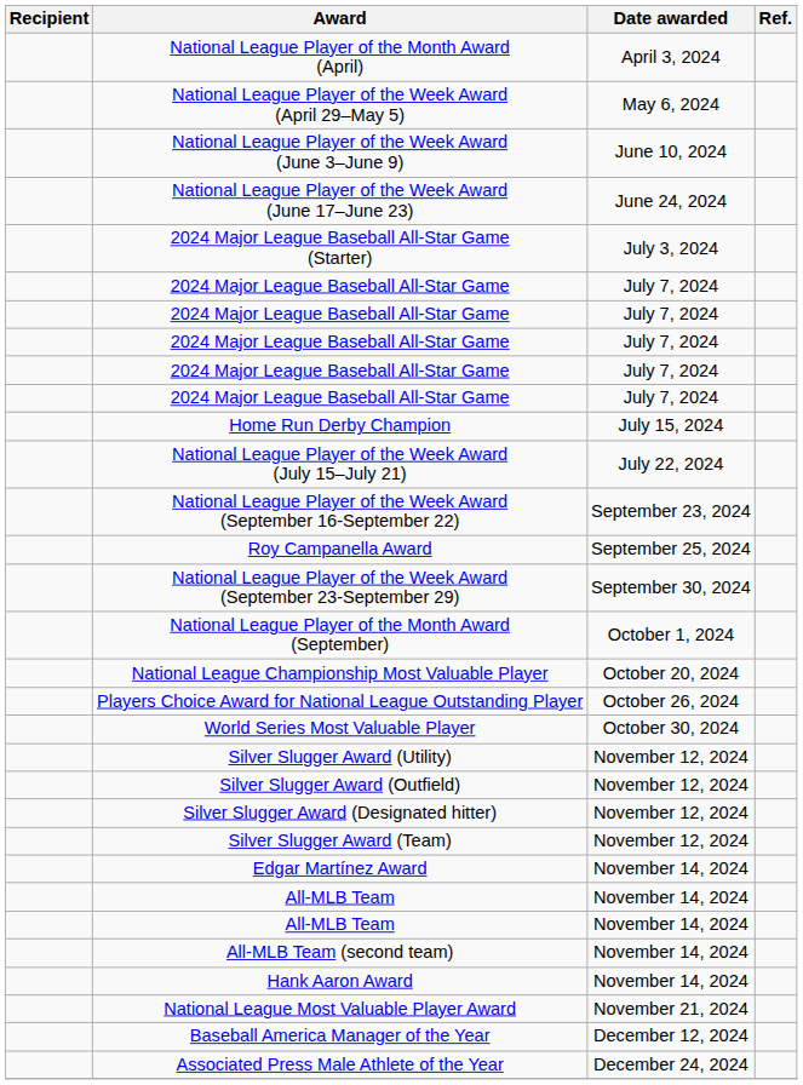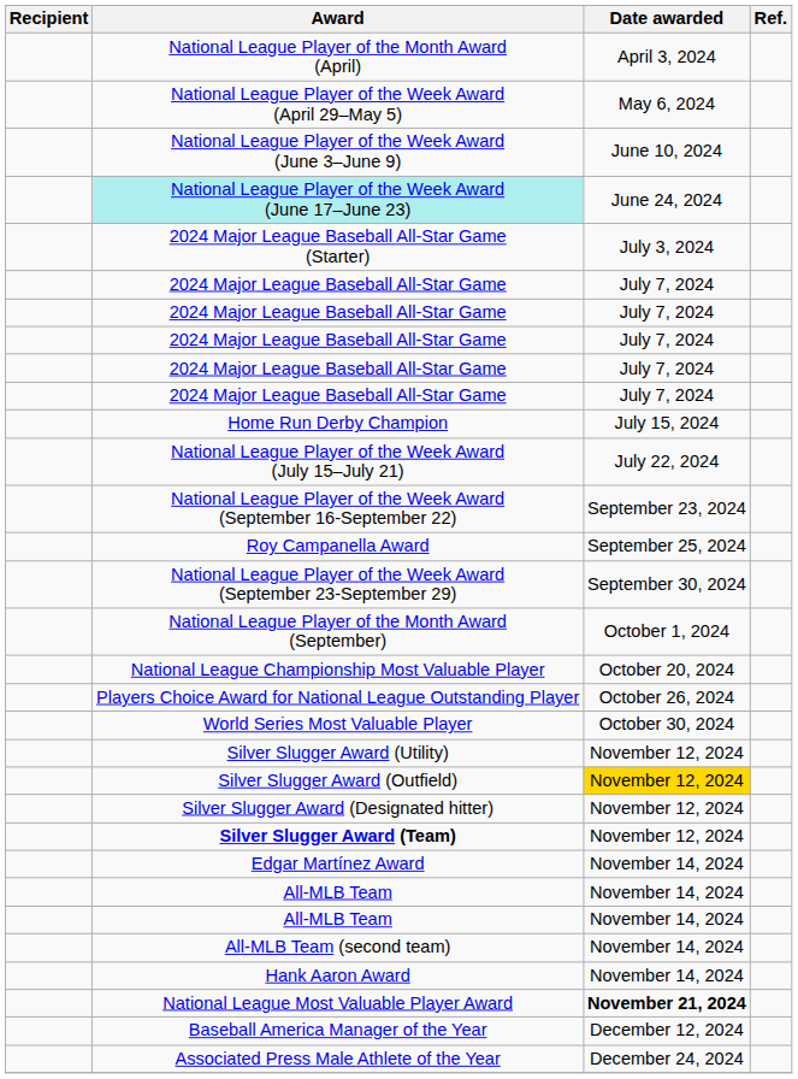 <table class="wikitable sortable collapsible" style="text-align:center">
 <tr>
 <th>Recipient</th>
 <th>Award</th>
 <th>Date awarded</th>
 <th>Ref.</th>
 </tr>
 <tr>
 <td></td>
 <td><a href='#'>National League Player of the Month Award</a>  <br> (April)</td>
 <td>April 3, 2024</td>
 <td></td>
 </tr>
 <tr>
 <td></td>
 <td><a href='#'>National League Player of the Week Award</a>  <br> (April 29–May 5)</td>
 <td>May 6, 2024</td>
 <td></td>
 </tr>
 <tr>
 <td></td>
 <td><a href='#'>National League Player of the Week Award</a>  <br> (June 3–June 9)</td>
 <td>June 10, 2024</td>
 <td></td>
 </tr>
 <tr>
 <td></td>
-<td><a href='#'>National League Player of the Week Award</a>  <br> (June 17–June 23)</td>
+<td style="background: paleturquoise;"><a href='#'>National League Player of the Week Award</a>  <br> (June 17–June 23)</td>
 <td>June 24, 2024</td>
 <td></td>
 </tr>
 <tr>
 <td></td>
 <td><a href='#'>2024 Major League Baseball All-Star Game</a>  <br> (Starter)</td>
 <td>July 3, 2024</td>
 <td></td>
 </tr>
 <tr>
 <td></td>
 <td><a href='#'>2024 Major League Baseball All-Star Game</a></td>
 <td>July 7, 2024</td>
 <td></td>
 </tr>
 <tr>
 <td></td>
 <td><a href='#'>2024 Major League Baseball All-Star Game</a></td>
 <td>July 7, 2024</td>
 <td></td>
 </tr>
 <tr>
 <td></td>
 <td><a href='#'>2024 Major League Baseball All-Star Game</a></td>
 <td>July 7, 2024</td>
 <td></td>
 </tr>
 <tr>
 <td></td>
 <td><a href='#'>2024 Major League Baseball All-Star Game</a></td>
 <td>July 7, 2024</td>
 <td></td>
 </tr>
 <tr>
 <td></td>
 <td><a href='#'>2024 Major League Baseball All-Star Game</a></td>
 <td>July 7, 2024</td>
 <td></td>
 </tr>
 <tr>
 <td></td>
 <td><a href='#'>Home Run Derby Champion</a></td>
 <td>July 15, 2024</td>
 <td></td>
 </tr>
 <tr>
 <td></td>
 <td><a href='#'>National League Player of the Week Award</a>  <br> (July 15–July 21)</td>
 <td>July 22, 2024</td>
 <td></td>
 </tr>
 <tr>
 <td></td>
 <td><a href='#'>National League Player of the Week Award</a>  <br> (September 16-September 22)</td>
 <td>September 23, 2024</td>
 <td></td>
 </tr>
 <tr>
 <td></td>
 <td><a href='#'>Roy Campanella Award</a></td>
 <td>September 25, 2024</td>
 <td></td>
 </tr>
 <tr>
 <td></td>
 <td><a href='#'>National League Player of the Week Award</a>  <br> (September 23-September 29)</td>
 <td>September 30, 2024</td>
 <td></td>
 </tr>
 <tr>
 <td></td>
 <td><a href='#'>National League Player of the Month Award</a>  <br> (September)</td>
 <td>October 1, 2024</td>
 <td></td>
 </tr>
 <tr>
 <td></td>
 <td><a href='#'>National League Championship Most Valuable Player</a></td>
 <td>October 20, 2024</td>
 <td></td>
 </tr>
 <tr>
 <td></td>
 <td><a href='#'>Players Choice Award for National League Outstanding Player</a></td>
 <td>October 26, 2024</td>
 <td></td>
 </tr>
 <tr>
 <td></td>
 <td><a href='#'>World Series Most Valuable Player</a></td>
 <td>October 30, 2024</td>
 <td></td>
 </tr>
 <tr>
 <td></td>
 <td><a href='#'>Silver Slugger Award</a> (Utility)</td>
 <td>November 12, 2024</td>
 <td></td>
 </tr>
 <tr>
 <td></td>
 <td><a href='#'>Silver Slugger Award</a> (Outfield)</td>
-<td>November 12, 2024</td>
+<td style="background: gold;">November 12, 2024</td>
 <td></td>
 </tr>
 <tr>
 <td></td>
 <td><a href='#'>Silver Slugger Award</a> (Designated hitter)</td>
 <td>November 12, 2024</td>
 <td></td>
 </tr>
 <tr>
 <td></td>
-<td><a href='#'>Silver Slugger Award</a> (Team)</td>
+<td><strong><a href='#'>Silver Slugger Award</a> (Team)</strong></td>
 <td>November 12, 2024</td>
 <td></td>
 </tr>
 <tr>
 <td></td>
 <td><a href='#'>Edgar Martínez Award</a></td>
 <td>November 14, 2024</td>
 <td></td>
 </tr>
 <tr>
 <td></td>
 <td><a href='#'>All-MLB Team</a></td>
 <td>November 14, 2024</td>
 <td></td>
 </tr>
 <tr>
 <td></td>
 <td><a href='#'>All-MLB Team</a></td>
 <td>November 14, 2024</td>
 <td></td>
 </tr>
 <tr>
 <td></td>
 <td><a href='#'>All-MLB Team</a> (second team)</td>
 <td>November 14, 2024</td>
 <td></td>
 </tr>
 <tr>
 <td></td>
 <td><a href='#'>Hank Aaron Award</a></td>
 <td>November 14, 2024</td>
 <td></td>
 </tr>
 <tr>
 <td></td>
 <td><a href='#'>National League Most Valuable Player Award</a></td>
-<td>November 21, 2024</td>
+<td><strong>November 21, 2024</strong></td>
 <td></td>
 </tr>
 <tr>
 <td></td>
 <td><a href='#'>Baseball America Manager of the Year</a></td>
 <td>December 12, 2024</td>
 <td></td>
 </tr>
 <tr>
 <td></td>
 <td><a href='#'>Associated Press Male Athlete of the Year</a></td>
 <td>December 24, 2024</td>
 <td></td>
 </tr>
 <tr>
 </tr>
 </table>
